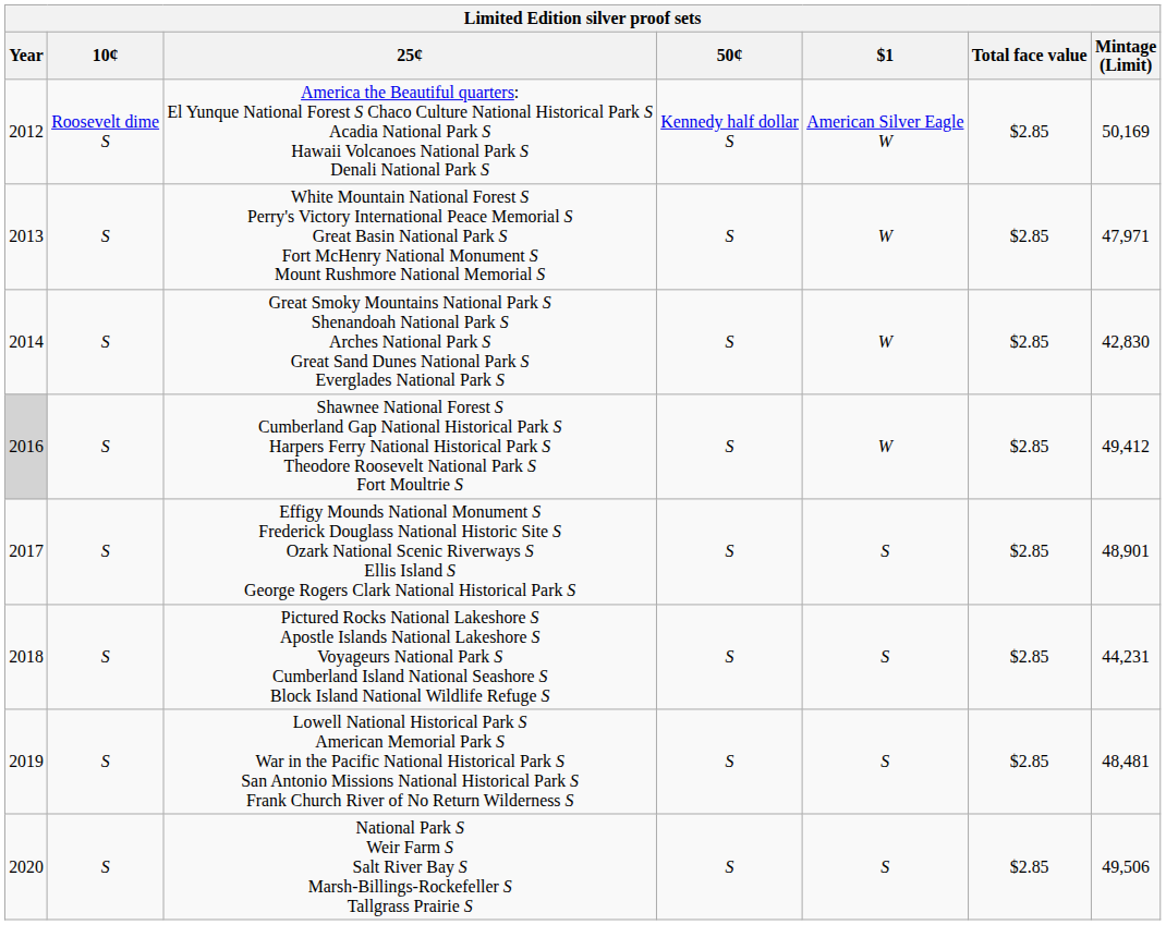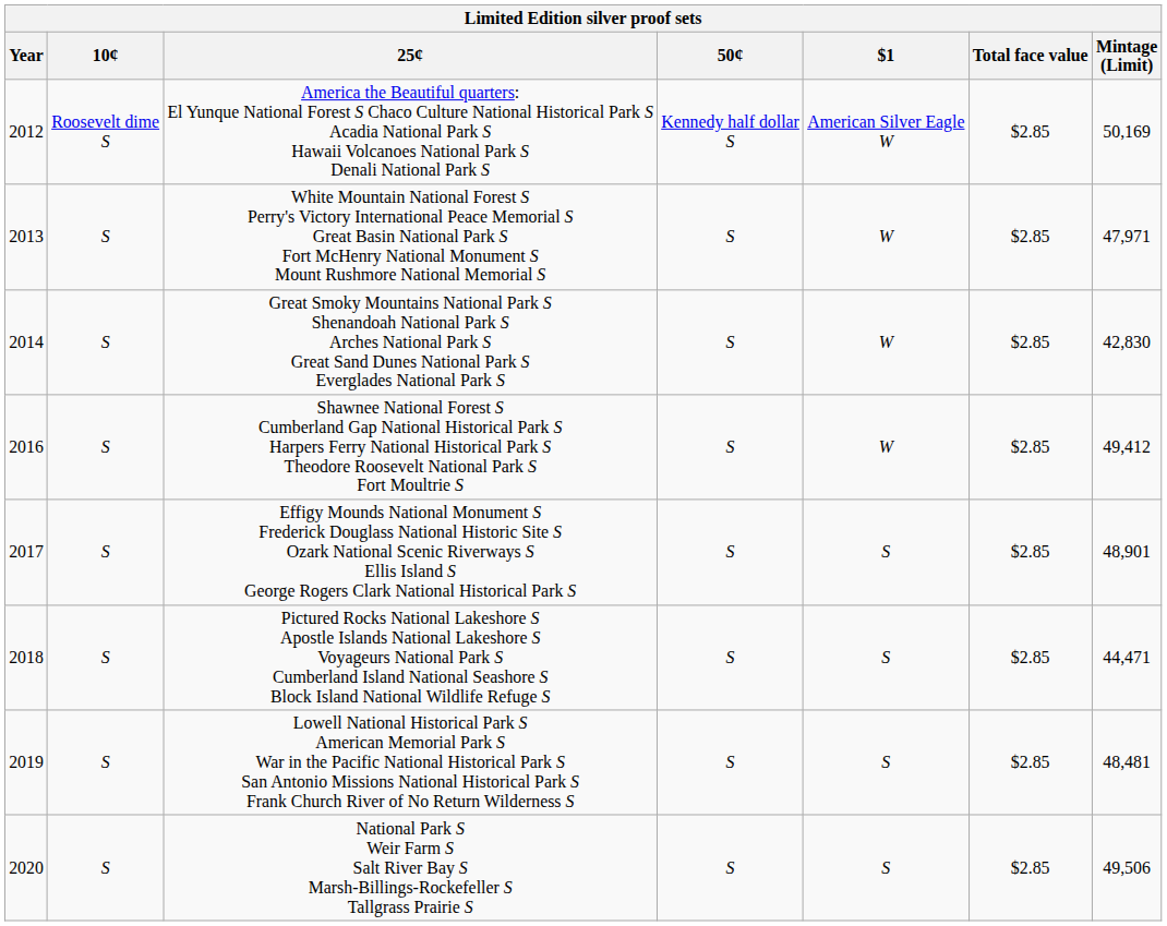 <table class="wikitable mw-collapsible mw-collapsed">
 <tr>
 <th colspan="7">Limited Edition silver proof sets</th>
 </tr>
 <tr>
 <th align="center">Year</th>
 <th align="center">10¢</th>
 <th align="center">25¢</th>
 <th align="center">50¢</th>
 <th align="center">$1</th>
 <th align="center">Total face value</th>
 <th align="center">Mintage<br>(Limit)</th>
 </tr>
 <tr>
 <td align="center">2012</td>
 <td align="center"><a href='#'>Roosevelt dime</a><br><em>S</em></td>
 <td align="center"><a href='#'>America the Beautiful quarters</a>:<br>El Yunque National Forest <em>S</em> Chaco Culture National Historical Park <em>S</em><br>Acadia National Park <em>S</em><br>Hawaii Volcanoes National Park <em>S</em><br>Denali National Park <em>S</em></td>
 <td align="center"><a href='#'>Kennedy half dollar</a><br><em>S</em></td>
 <td align="center"><a href='#'>American Silver Eagle</a><br><em>W</em></td>
 <td align="center">$2.85</td>
 <td align="center">50,169</td>
 </tr>
 <tr>
 <td align="center">2013</td>
 <td align="center"><em>S</em></td>
 <td align="center">White Mountain National Forest <em>S</em><br>Perry's Victory International Peace Memorial <em>S</em><br>Great Basin National Park <em>S</em><br>Fort McHenry National Monument <em>S</em><br>Mount Rushmore National Memorial <em>S</em></td>
 <td align="center"><em>S</em></td>
 <td align="center"><em>W</em></td>
 <td align="center">$2.85</td>
 <td align="center">47,971</td>
 </tr>
 <tr>
 <td align="center">2014</td>
 <td align="center"><em>S</em></td>
 <td align="center">Great Smoky Mountains National Park <em>S</em><br>Shenandoah National Park <em>S</em><br>Arches National Park <em>S</em><br>Great Sand Dunes National Park <em>S</em><br>Everglades National Park <em>S</em></td>
 <td align="center"><em>S</em></td>
 <td align="center"><em>W</em></td>
 <td align="center">$2.85</td>
 <td align="center">42,830</td>
 </tr>
 <tr>
-<td align="center" style="background: lightgrey;">2016</td>
+<td align="center">2016</td>
 <td align="center"><em>S</em></td>
 <td align="center">Shawnee National Forest <em>S</em><br>Cumberland Gap National Historical Park <em>S</em><br>Harpers Ferry National Historical Park <em>S</em><br>Theodore Roosevelt National Park <em>S</em><br>Fort Moultrie <em>S</em></td>
 <td align="center"><em>S</em></td>
 <td align="center"><em>W</em></td>
 <td align="center">$2.85</td>
 <td align="center">49,412</td>
 </tr>
 <tr>
 <td align="center">2017</td>
 <td align="center"><em>S</em></td>
 <td align="center">Effigy Mounds National Monument <em>S</em><br>Frederick Douglass National Historic Site <em>S</em><br>Ozark National Scenic Riverways <em>S</em><br>Ellis Island <em>S</em><br>George Rogers Clark National Historical Park <em>S</em></td>
 <td align="center"><em>S</em></td>
 <td align="center"><em>S</em></td>
 <td align="center">$2.85</td>
 <td align="center">48,901</td>
 </tr>
 <tr>
 <td align="center">2018</td>
 <td align="center"><em>S</em></td>
 <td align="center">Pictured Rocks National Lakeshore <em>S</em><br>Apostle Islands National Lakeshore <em>S</em><br>Voyageurs National Park <em>S</em><br>Cumberland Island National Seashore <em>S</em><br>Block Island National Wildlife Refuge <em>S</em></td>
 <td align="center"><em>S</em></td>
 <td align="center"><em>S</em></td>
 <td align="center">$2.85</td>
-<td align="center">44,231</td>
+<td align="center">44,471</td>
 </tr>
 <tr>
 <td align="center">2019</td>
 <td align="center"><em>S</em></td>
 <td align="center">Lowell National Historical Park <em>S</em><br>American Memorial Park <em>S</em><br>War in the Pacific National Historical Park <em>S</em><br>San Antonio Missions National Historical Park <em>S</em><br>Frank Church River of No Return Wilderness <em>S</em></td>
 <td align="center"><em>S</em></td>
 <td align="center"><em>S</em></td>
 <td align="center">$2.85</td>
 <td align="center">48,481</td>
 </tr>
 <tr>
 <td align="center">2020</td>
 <td align="center"><em>S</em></td>
 <td align="center">National Park <em>S</em><br>Weir Farm <em>S</em><br>Salt River Bay <em>S</em><br>Marsh-Billings-Rockefeller <em>S</em><br>Tallgrass Prairie <em>S</em></td>
 <td align="center"><em>S</em></td>
 <td align="center"><em>S</em></td>
 <td align="center">$2.85</td>
 <td align="center">49,506</td>
 </tr>
 </table>
